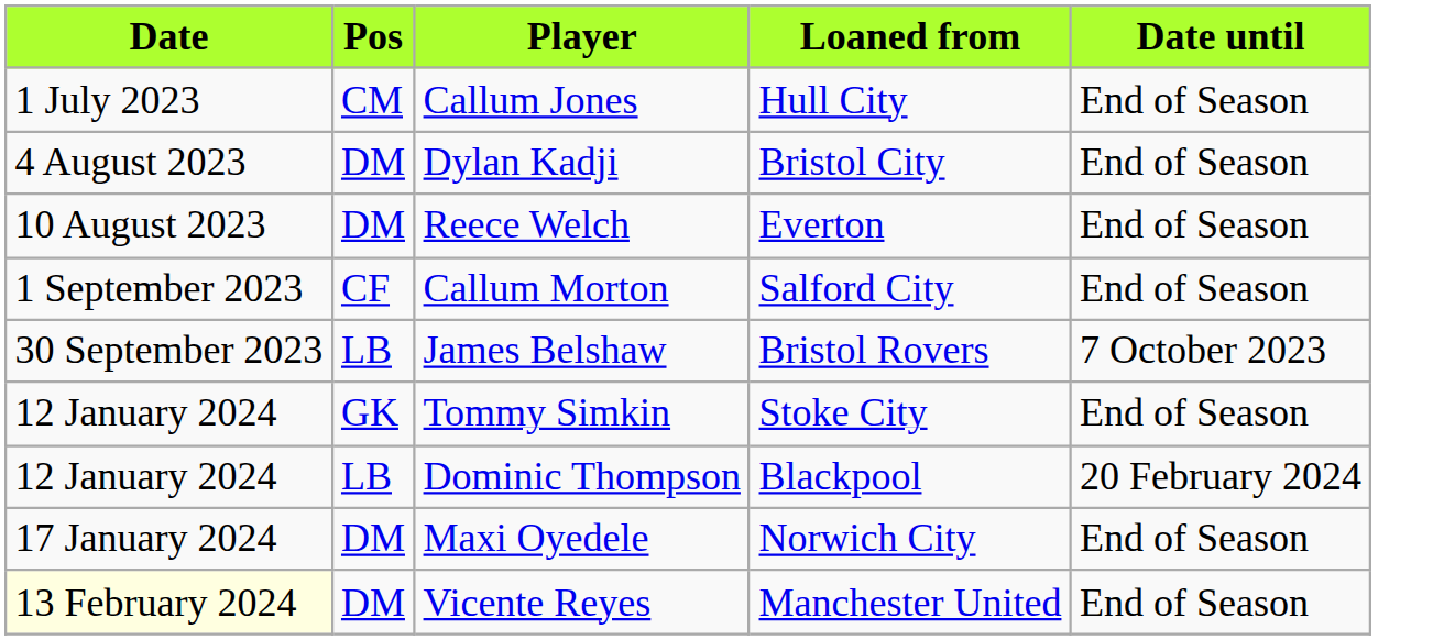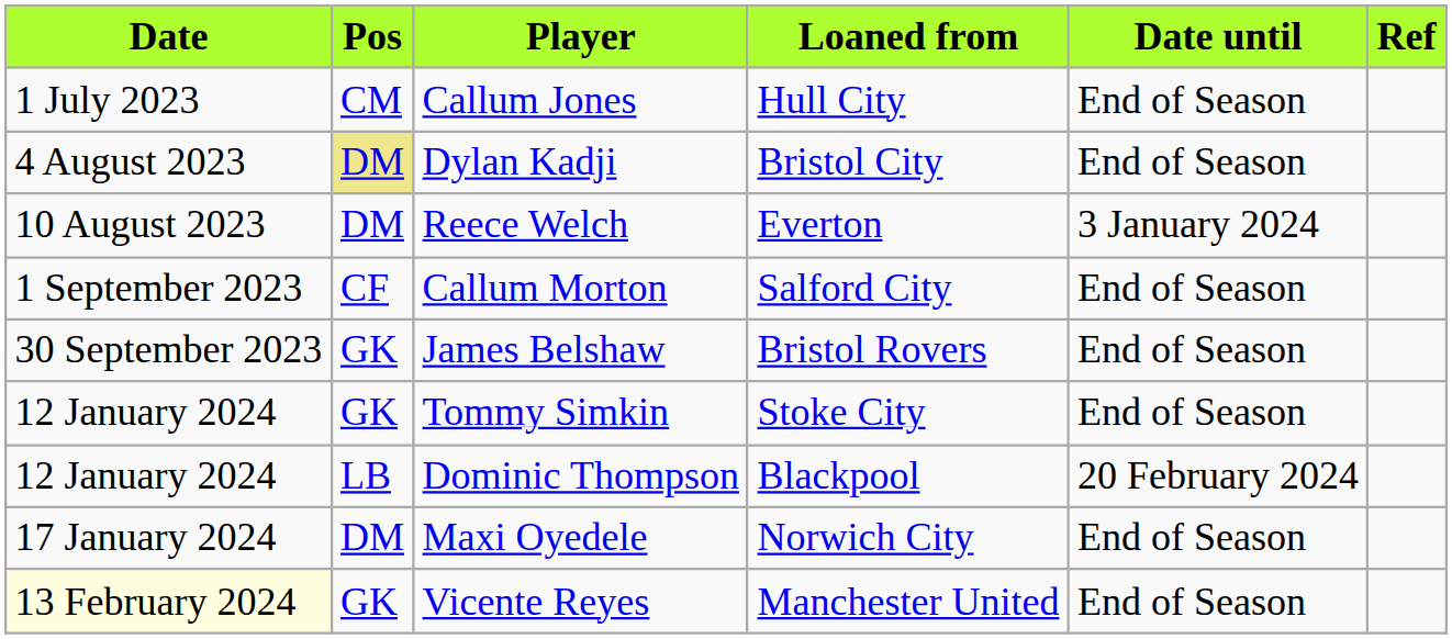 <table class="wikitable plainrowheaders sortable">
 <tr>
 <th style="background:#ADFF2F;color:black;">Date</th>
 <th style="background:#ADFF2F;color:black;">Pos</th>
 <th style="background:#ADFF2F;color:black;">Player</th>
 <th style="background:#ADFF2F;color:black;">Loaned from</th>
 <th style="background:#ADFF2F;color:black;">Date until</th>
+<th style="background:#ADFF2F;color:black;">Ref</th>
 </tr>
 <tr>
 <td>1 July 2023</td>
 <td><a href='#'>CM</a></td>
 <td> <a href='#'>Callum Jones</a></td>
 <td> <a href='#'>Hull City</a></td>
 <td>End of Season</td>
+<td></td>
 </tr>
 <tr>
 <td>4 August 2023</td>
-<td><a href='#'>DM</a></td>
+<td style="background: khaki;"><a href='#'>DM</a></td>
 <td> <a href='#'>Dylan Kadji</a></td>
 <td> <a href='#'>Bristol City</a></td>
 <td>End of Season</td>
+<td></td>
 </tr>
 <tr>
 <td>10 August 2023</td>
 <td><a href='#'>DM</a></td>
 <td> <a href='#'>Reece Welch</a></td>
 <td> <a href='#'>Everton</a></td>
-<td>End of Season</td>
+<td>3 January 2024</td>
+<td></td>
 </tr>
 <tr>
 <td>1 September 2023</td>
 <td><a href='#'>CF</a></td>
 <td> <a href='#'>Callum Morton</a></td>
 <td> <a href='#'>Salford City</a></td>
 <td>End of Season</td>
+<td></td>
 </tr>
 <tr>
 <td>30 September 2023</td>
-<td><a href='#'>LB</a></td>
+<td><a href='#'>GK</a></td>
 <td> <a href='#'>James Belshaw</a></td>
 <td> <a href='#'>Bristol Rovers</a></td>
-<td>7 October 2023</td>
+<td>End of Season</td>
+<td></td>
 </tr>
 <tr>
 <td>12 January 2024</td>
 <td><a href='#'>GK</a></td>
 <td> <a href='#'>Tommy Simkin</a></td>
 <td> <a href='#'>Stoke City</a></td>
 <td>End of Season</td>
+<td></td>
 </tr>
 <tr>
 <td>12 January 2024</td>
 <td><a href='#'>LB</a></td>
 <td> <a href='#'>Dominic Thompson</a></td>
 <td> <a href='#'>Blackpool</a></td>
 <td>20 February 2024</td>
+<td></td>
 </tr>
 <tr>
 <td>17 January 2024</td>
 <td><a href='#'>DM</a></td>
 <td> <a href='#'>Maxi Oyedele</a></td>
 <td> <a href='#'>Norwich City</a></td>
 <td>End of Season</td>
+<td></td>
 </tr>
 <tr>
 <td style="background: lightyellow;">13 February 2024</td>
-<td><a href='#'>DM</a></td>
+<td><a href='#'>GK</a></td>
 <td> <a href='#'>Vicente Reyes</a></td>
 <td> <a href='#'>Manchester United</a></td>
 <td>End of Season</td>
+<td></td>
 </tr>
 </table>
